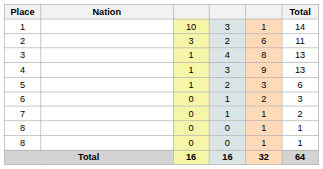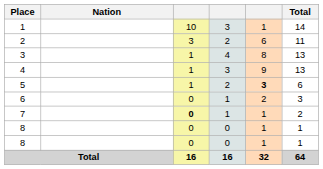 <table class=wikitable style="border:1px solid #AAAAAA;font-size:90%">
 <tr bgcolor="#EFEFEF">
 <th width=50>Place</th>
 <th width=200>Nation</th>
 <th width=50></th>
 <th width=50></th>
 <th width=50></th>
 <th width=50>Total</th>
 </tr>
 <tr align="center" valign="top" bgcolor="#FFFFFF">
 <td>1</td>
 <td align="left"></td>
 <td style="background:#F7F6A8;">10</td>
 <td style="background:#DCE5E5;">3</td>
 <td style="background:#FFDAB9;">1</td>
 <td>14</td>
 </tr>
 <tr align="center" valign="top" bgcolor="#FFFFFF">
 <td>2</td>
 <td align="left"></td>
 <td style="background:#F7F6A8;">3</td>
 <td style="background:#DCE5E5;">2</td>
 <td style="background:#FFDAB9;">6</td>
 <td>11</td>
 </tr>
 <tr align="center" valign="top" bgcolor="#FFFFFF">
 <td>3</td>
 <td align="left"></td>
 <td style="background:#F7F6A8;">1</td>
 <td style="background:#DCE5E5;">4</td>
 <td style="background:#FFDAB9;">8</td>
 <td>13</td>
 </tr>
 <tr align="center" valign="top" bgcolor="#FFFFFF">
 <td>4</td>
 <td align="left"></td>
 <td style="background:#F7F6A8;">1</td>
 <td style="background:#DCE5E5;">3</td>
 <td style="background:#FFDAB9;">9</td>
 <td>13</td>
 </tr>
 <tr align="center" valign="top" bgcolor="#FFFFFF">
 <td>5</td>
 <td align="left"></td>
 <td style="background:#F7F6A8;">1</td>
 <td style="background:#DCE5E5;">2</td>
-<td style="background:#FFDAB9;">3</td>
+<td style="background:#FFDAB9;"><strong>3</strong></td>
 <td>6</td>
 </tr>
 <tr align="center" valign="top" bgcolor="#FFFFFF">
 <td>6</td>
 <td align="left"></td>
 <td style="background:#F7F6A8;">0</td>
 <td style="background:#DCE5E5;">1</td>
 <td style="background:#FFDAB9;">2</td>
 <td>3</td>
 </tr>
 <tr align="center" valign="top" bgcolor="#FFFFFF">
 <td>7</td>
 <td align="left"></td>
-<td style="background:#F7F6A8;">0</td>
+<td style="background:#F7F6A8;"><strong>0</strong></td>
 <td style="background:#DCE5E5;">1</td>
 <td style="background:#FFDAB9;">1</td>
 <td>2</td>
 </tr>
 <tr align="center" valign="top" bgcolor="#FFFFFF">
 <td>8</td>
 <td align="left"></td>
 <td style="background:#F7F6A8;">0</td>
 <td style="background:#DCE5E5;">0</td>
 <td style="background:#FFDAB9;">1</td>
 <td>1</td>
 </tr>
 <tr align="center" valign="top" bgcolor="#FFFFFF">
 <td>8</td>
 <td align="left"></td>
 <td style="background:#F7F6A8;">0</td>
 <td style="background:#DCE5E5;">0</td>
 <td style="background:#FFDAB9;">1</td>
 <td>1</td>
 </tr>
 <tr align="center">
 <td colspan="2" bgcolor=D3D3D3><strong>Total</strong></td>
 <td style="background:#F7F6A8;"><strong>16</strong></td>
 <td style="background:#DCE5E5;"><strong>16</strong></td>
 <td style="background:#FFDAB9;"><strong>32</strong></td>
 <td bgcolor=D3D3D3><strong>64</strong></td>
 </tr>
 </table>
